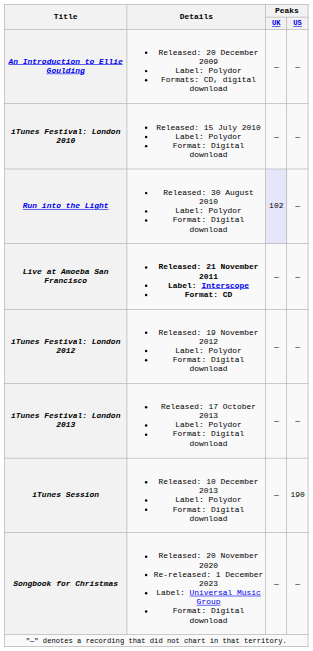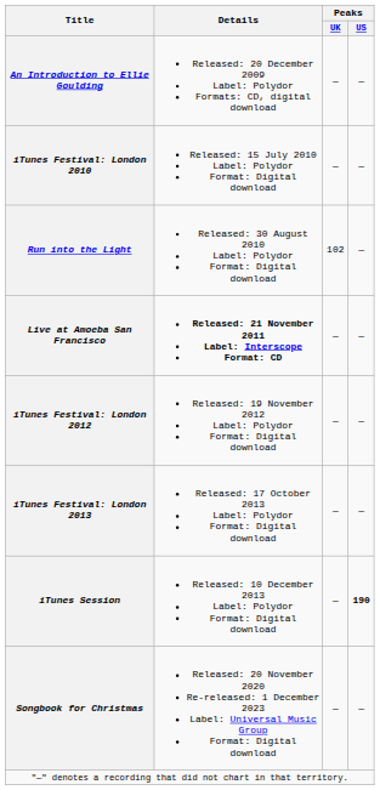 <table class="wikitable plainrowheaders" style="text-align:center;">
 <tr>
 <th scope="col" rowspan="2" style="width:15em;">Title</th>
 <th scope="col" rowspan="2" style="width:17em;">Details</th>
 <th scope="col" colspan="2">Peaks</th>
 </tr>
 <tr>
 <th scope="col" style="width:2.5em;font-size:90%;"><a href='#'>UK</a><br></th>
 <th scope="col" style="width:2.5em;font-size:90%;"><a href='#'>US</a><br></th>
 </tr>
 <tr>
 <th scope="row"><em><a href='#'>An Introduction to Ellie Goulding</a></em></th>
 <td><br><ul><li>Released: 20 December 2009</li><li>Label: Polydor</li><li>Formats: CD, digital download</li></ul></td>
 <td>—</td>
 <td>—</td>
 </tr>
 <tr>
 <th scope="row"><em>iTunes Festival: London 2010</em></th>
 <td><br><ul><li>Released: 15 July 2010</li><li>Label: Polydor</li><li>Format: Digital download</li></ul></td>
 <td>—</td>
 <td>—</td>
 </tr>
 <tr>
 <th scope="row"><em><a href='#'>Run into the Light</a></em></th>
 <td><br><ul><li>Released: 30 August 2010</li><li>Label: Polydor</li><li>Format: Digital download</li></ul></td>
-<td style="background: lavender;">102</td>
+<td>102</td>
 <td>—</td>
 </tr>
 <tr>
 <th scope="row"><em>Live at Amoeba San Francisco</em></th>
 <td><strong><br><ul><li>Released: 21 November 2011</li><li>Label: <a href='#'>Interscope</a></li><li>Format: CD</li></ul></strong></td>
 <td>—</td>
 <td>—</td>
 </tr>
 <tr>
 <th scope="row"><em>iTunes Festival: London 2012</em></th>
 <td><br><ul><li>Released: 19 November 2012</li><li>Label: Polydor</li><li>Format: Digital download</li></ul></td>
 <td>—</td>
 <td>—</td>
 </tr>
 <tr>
 <th scope="row"><em>iTunes Festival: London 2013</em></th>
 <td><br><ul><li>Released: 17 October 2013</li><li>Label: Polydor</li><li>Format: Digital download</li></ul></td>
 <td>—</td>
 <td>—</td>
 </tr>
 <tr>
 <th scope="row"><em>iTunes Session</em></th>
 <td><br><ul><li>Released: 10 December 2013</li><li>Label: Polydor</li><li>Format: Digital download</li></ul></td>
 <td>—</td>
-<td>190</td>
+<td><strong>190</strong></td>
 </tr>
 <tr>
 <th scope="row"><em>Songbook for Christmas</em></th>
 <td><br><ul><li>Released: 20 November 2020</li><li>Re-released: 1 December 2023</li><li>Label: <a href='#'>Universal Music Group</a></li><li>Format: Digital download</li></ul></td>
 <td>—</td>
 <td>—</td>
 </tr>
 <tr>
 <td colspan="17" style="font-size:90%">"—" denotes a recording that did not chart in that territory.</td>
 </tr>
 </table>
